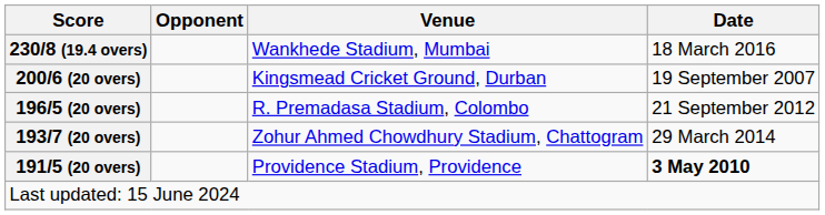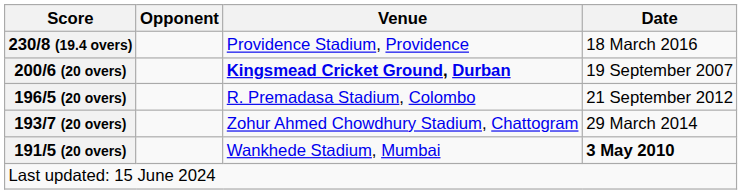 <table class="wikitable sortable" style="font-size:90%;">
 <tr>
 <th>Score</th>
 <th>Opponent</th>
 <th>Venue</th>
 <th>Date</th>
 </tr>
 <tr>
 <th>230/8 <small>(19.4 overs)</small></th>
 <td></td>
-<td><a href='#'>Wankhede Stadium</a>, <a href='#'>Mumbai</a></td>
+<td><a href='#'>Providence Stadium</a>, <a href='#'>Providence</a></td>
 <td>18 March 2016</td>
 </tr>
 <tr>
 <th>200/6 <small>(20 overs)</small></th>
 <td></td>
-<td><a href='#'>Kingsmead Cricket Ground</a>, <a href='#'>Durban</a></td>
+<td><strong><a href='#'>Kingsmead Cricket Ground</a>, <a href='#'>Durban</a></strong></td>
 <td>19 September 2007</td>
 </tr>
 <tr>
 <th>196/5 <small>(20 overs)</small></th>
 <td></td>
 <td><a href='#'>R. Premadasa Stadium</a>, <a href='#'>Colombo</a></td>
 <td>21 September 2012</td>
 </tr>
 <tr>
 <th>193/7 <small>(20 overs)</small></th>
 <td></td>
 <td><a href='#'>Zohur Ahmed Chowdhury Stadium</a>, <a href='#'>Chattogram</a></td>
 <td>29 March 2014</td>
 </tr>
 <tr>
 <th>191/5 <small>(20 overs)</small></th>
 <td></td>
-<td><a href='#'>Providence Stadium</a>, <a href='#'>Providence</a></td>
+<td><a href='#'>Wankhede Stadium</a>, <a href='#'>Mumbai</a></td>
 <td><strong>3 May 2010</strong></td>
 </tr>
 <tr>
 <td colspan="6">Last updated: 15 June 2024</td>
 </tr>
 </table>
